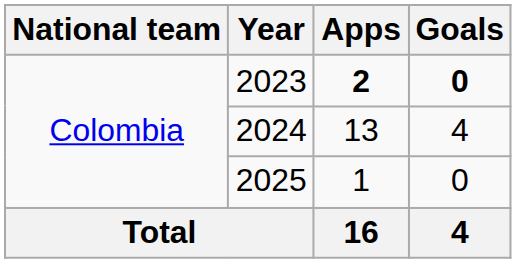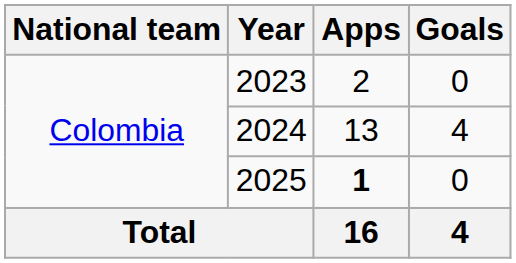 <table class=wikitable style=text-align:center>
 <tr>
 <th>National team</th>
 <th>Year</th>
 <th>Apps</th>
 <th>Goals</th>
 </tr>
 <tr>
 <td rowspan="3"><a href='#'>Colombia</a></td>
 <td>2023</td>
-<td><strong>2</strong></td>
-<td><strong>0</strong></td>
+<td>2</td>
+<td>0</td>
 </tr>
 <tr>
 <td>2024</td>
 <td>13</td>
 <td>4</td>
 </tr>
 <tr>
 <td>2025</td>
-<td>1</td>
+<td><strong>1</strong></td>
 <td>0</td>
 </tr>
 <tr>
 <th colspan=2>Total</th>
 <th>16</th>
 <th>4</th>
 </tr>
 </table>
